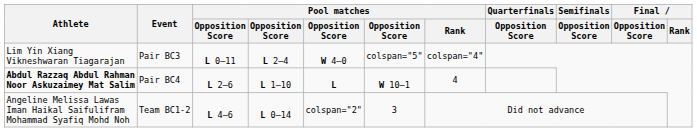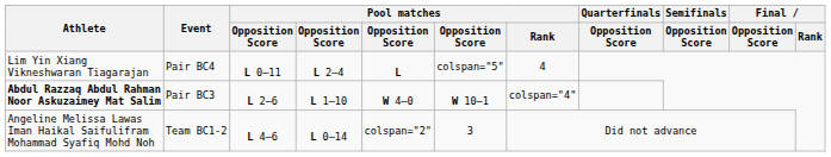 <table class=wikitable style="font-size:90%">
 <tr>
 <th rowspan="2">Athlete</th>
 <th rowspan="2">Event</th>
 <th colspan="5">Pool matches</th>
 <th>Quarterfinals</th>
 <th>Semifinals</th>
 <th colspan=2>Final / </th>
 </tr>
 <tr>
 <th>Opposition<br>Score</th>
 <th>Opposition<br>Score</th>
 <th>Opposition<br>Score</th>
 <th>Opposition<br>Score</th>
 <th>Rank</th>
 <th>Opposition<br>Score</th>
 <th>Opposition<br>Score</th>
 <th>Opposition<br>Score</th>
 <th>Rank</th>
 </tr>
 <tr align=center>
 <td align=left>Lim Yin Xiang<br>Vikneshwaran Tiagarajan</td>
-<td align=left>Pair BC3</td>
+<td align=left>Pair BC4</td>
 <td><br><strong>L</strong> 0–11</td>
 <td><br><strong>L</strong> 2–4</td>
-<td><br><strong>W</strong> 4–0</td>
+<td><br><strong>L</strong></td>
 <td>colspan="5" </td>
-<td>colspan="4" </td>
+<td>4</td>
 </tr>
 <tr align=center>
 <td align=left><strong>Abdul Razzaq Abdul Rahman<br>Noor Askuzaimey Mat Salim</strong></td>
-<td align=left>Pair BC4</td>
+<td align=left>Pair BC3</td>
 <td><br><strong>L</strong> 2–6</td>
 <td><br><strong>L</strong> 1–10</td>
-<td><br><strong>L</strong></td>
+<td><br><strong>W</strong> 4–0</td>
 <td><br><strong>W</strong> 10–1</td>
-<td>4</td>
+<td>colspan="4" </td>
 <td></td>
 </tr>
 <tr align=center>
 <td align=left>Angeline Melissa Lawas<br>Iman Haikal Saifulifram<br>Mohammad Syafiq Mohd Noh</td>
 <td align=left>Team BC1-2</td>
 <td><br><strong>L</strong> 4–6</td>
 <td><br><strong>L</strong> 0–14</td>
 <td>colspan="2" </td>
 <td>3</td>
 <td colspan="4">Did not advance</td>
 </tr>
 </table>
